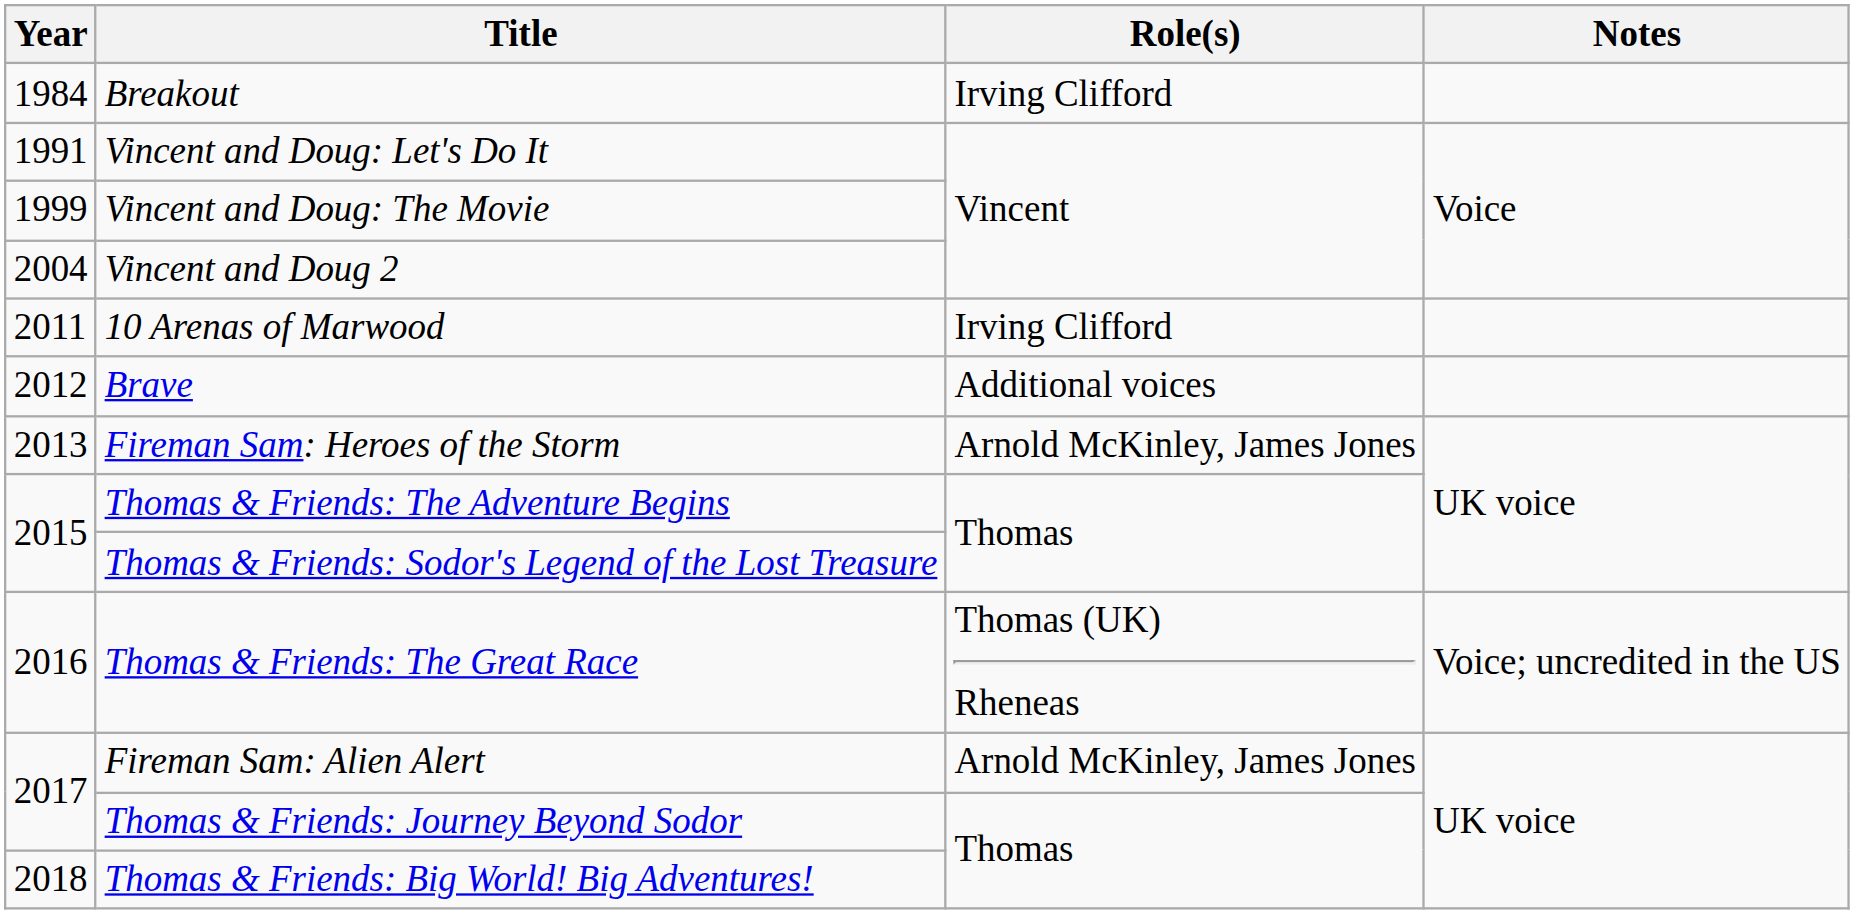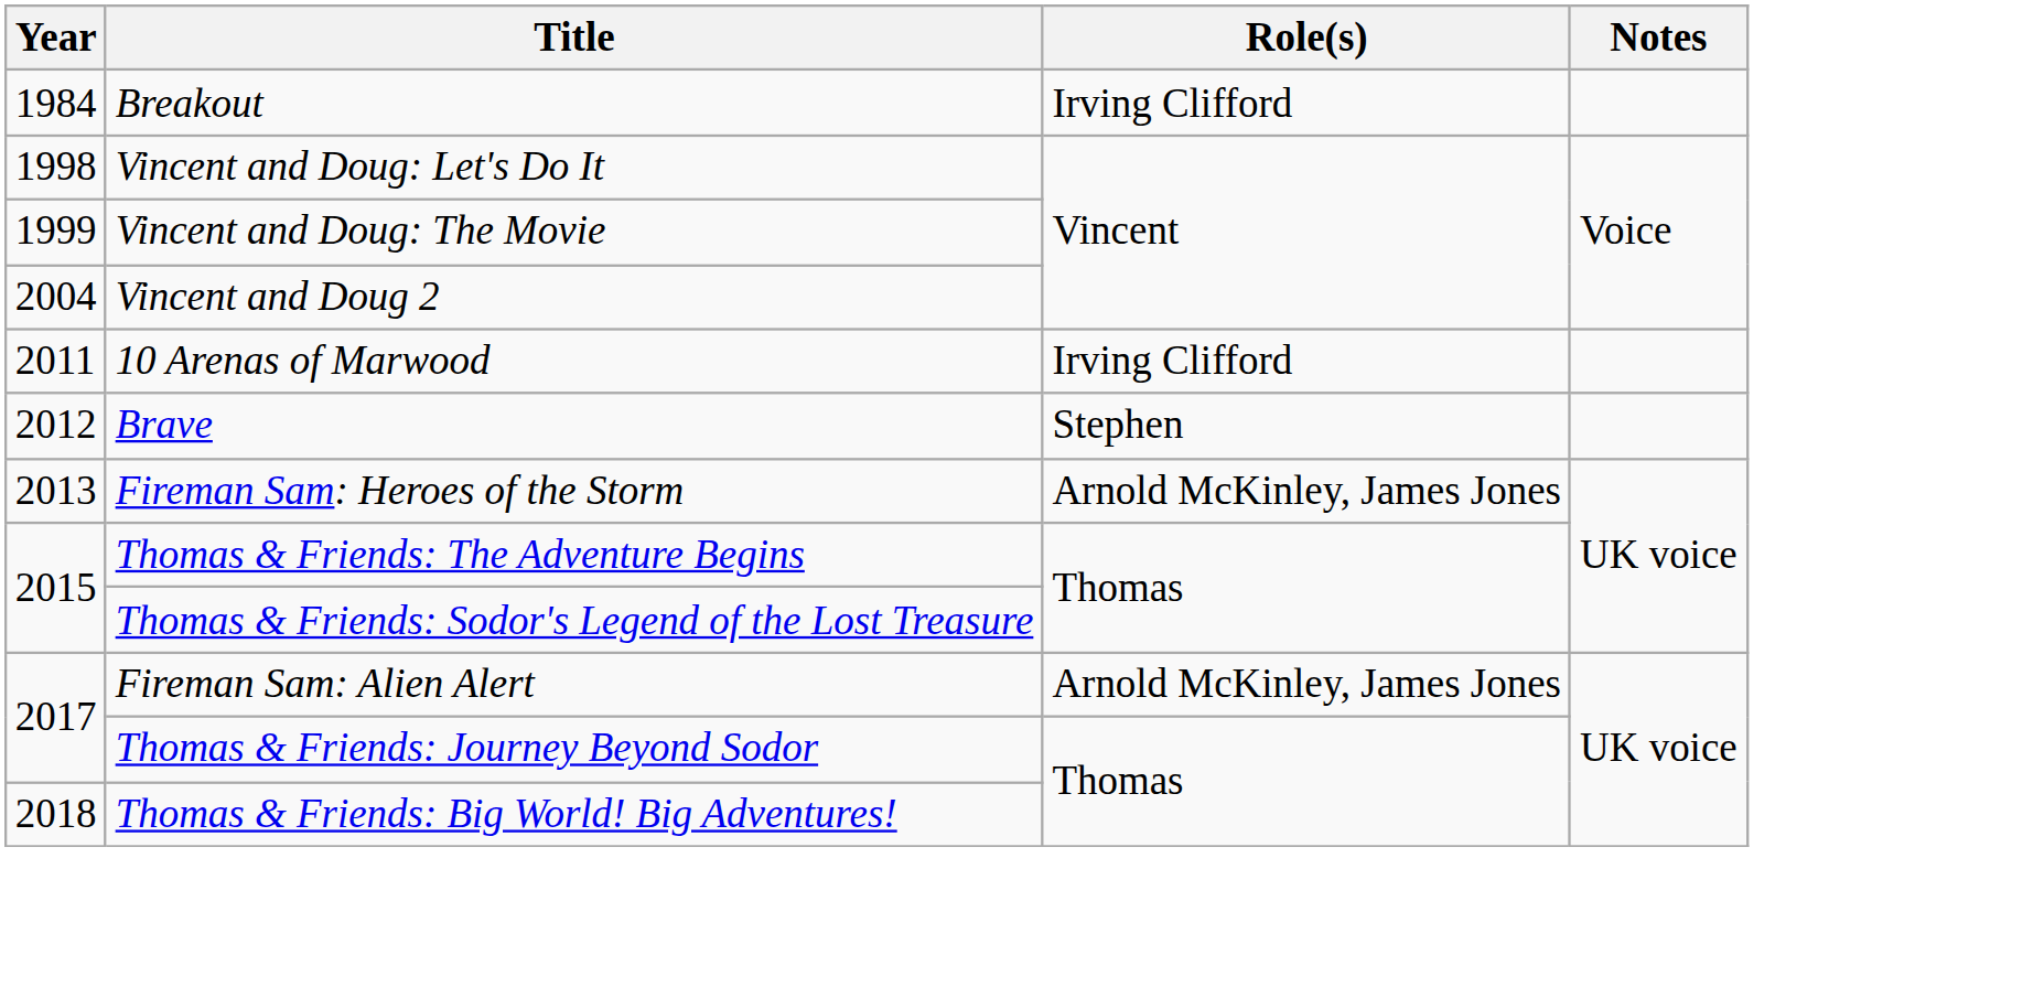 <table class="wikitable">
 <tr>
 <th>Year</th>
 <th>Title</th>
 <th>Role(s)</th>
 <th>Notes</th>
 </tr>
 <tr>
 <td>1984</td>
 <td><em>Breakout</em></td>
 <td>Irving Clifford</td>
 <td></td>
 </tr>
 <tr>
-<td>1991</td>
+<td>1998</td>
 <td><em>Vincent and Doug: Let's Do It</em></td>
 <td rowspan=3>Vincent</td>
 <td rowspan=3>Voice</td>
 </tr>
 <tr>
 <td>1999</td>
 <td><em>Vincent and Doug: The Movie</em></td>
 </tr>
 <tr>
 <td>2004</td>
 <td><em>Vincent and Doug 2</em></td>
 </tr>
 <tr>
 <td>2011</td>
 <td><em>10 Arenas of Marwood</em></td>
 <td>Irving Clifford</td>
 <td></td>
 </tr>
 <tr>
 <td>2012</td>
 <td><em><a href='#'>Brave</a></em></td>
-<td>Additional voices</td>
+<td>Stephen</td>
 <td></td>
 </tr>
 <tr>
 <td>2013</td>
 <td><em><a href='#'>Fireman Sam</a>: Heroes of the Storm</em></td>
 <td>Arnold McKinley, James Jones</td>
 <td rowspan="3">UK voice</td>
 </tr>
 <tr>
 <td rowspan="2">2015</td>
 <td><em><a href='#'>Thomas & Friends: The Adventure Begins</a></em></td>
 <td rowspan="2">Thomas</td>
 </tr>
 <tr>
 <td><em><a href='#'>Thomas & Friends: Sodor's Legend of the Lost Treasure</a></em></td>
 </tr>
 <tr>
-<td>2016</td>
-<td><em><a href='#'>Thomas & Friends: The Great Race</a></em></td>
-<td>Thomas (UK)<hr>Rheneas</td>
-<td>Voice; uncredited in the US</td>
-</tr>
-<tr>
 <td rowspan=2>2017</td>
 <td><em>Fireman Sam: Alien Alert</em></td>
 <td>Arnold McKinley, James Jones</td>
 <td rowspan="3">UK voice</td>
 </tr>
 <tr>
 <td><em><a href='#'>Thomas & Friends: Journey Beyond Sodor</a></em></td>
 <td rowspan="2">Thomas</td>
 </tr>
 <tr>
 <td>2018</td>
 <td><em> <a href='#'>Thomas & Friends: Big World! Big Adventures!</a></em></td>
 </tr>
 </table>
